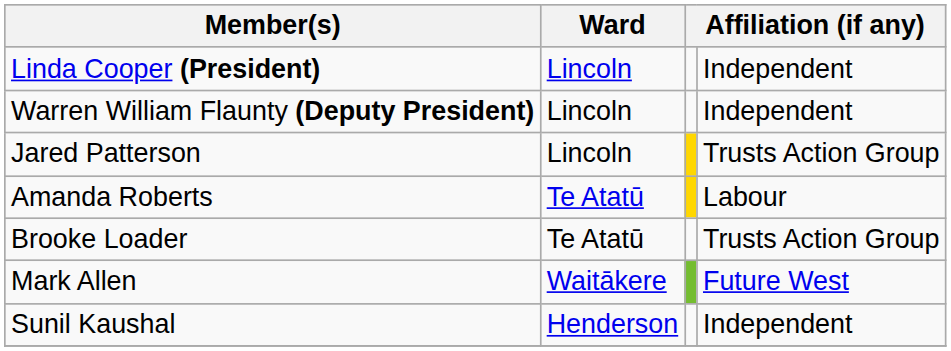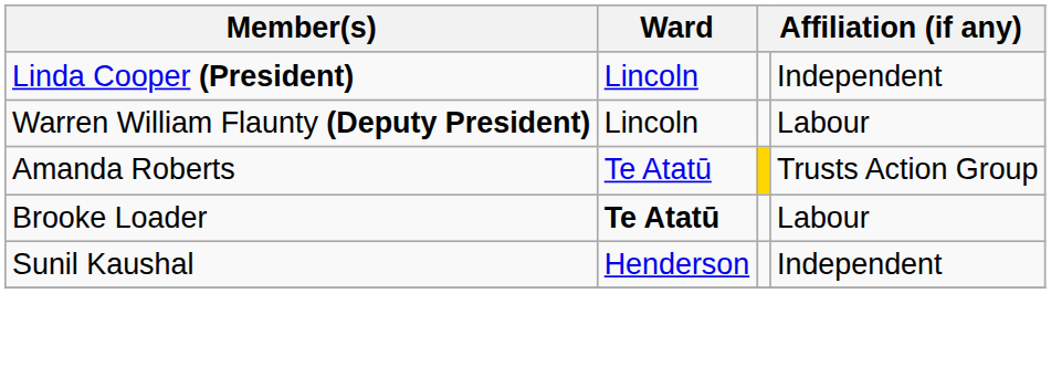 <table class="wikitable">
 <tr>
 <th>Member(s)</th>
 <th>Ward</th>
 <th colspan="2">Affiliation (if any)</th>
 </tr>
 <tr>
 <td><a href='#'>Linda Cooper</a> <strong>(President)</strong></td>
 <td><a href='#'>Lincoln</a></td>
 <td></td>
 <td>Independent</td>
 </tr>
 <tr>
 <td>Warren William Flaunty <strong>(Deputy President)</strong></td>
 <td>Lincoln</td>
 <td></td>
-<td>Independent</td>
-</tr>
-<tr>
-<td>Jared Patterson</td>
-<td>Lincoln</td>
-<td bgcolor="gold"></td>
-<td>Trusts Action Group</td>
+<td>Labour</td>
 </tr>
 <tr>
 <td>Amanda Roberts</td>
 <td><a href='#'>Te Atatū</a></td>
 <td bgcolor="gold"></td>
-<td>Labour</td>
+<td>Trusts Action Group</td>
 </tr>
 <tr>
 <td>Brooke Loader</td>
-<td>Te Atatū</td>
+<td><strong>Te Atatū</strong></td>
 <td></td>
-<td>Trusts Action Group</td>
-</tr>
-<tr>
-<td>Mark Allen</td>
-<td><a href='#'>Waitākere</a></td>
-<td bgcolor=#74bd2f></td>
-<td><a href='#'>Future West</a></td>
+<td>Labour</td>
 </tr>
 <tr>
 <td>Sunil Kaushal</td>
 <td><a href='#'>Henderson</a></td>
 <td></td>
 <td>Independent</td>
 </tr>
 <tr>
 </tr>
 </table>
